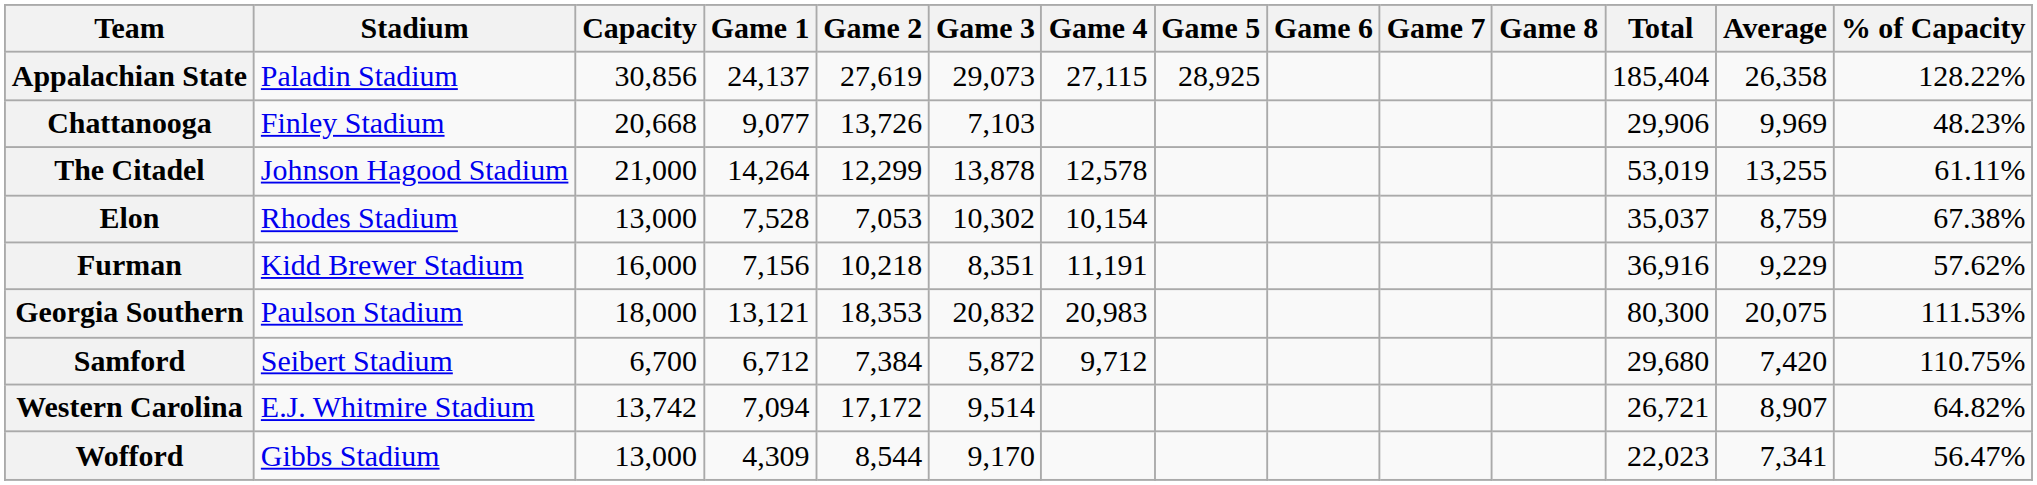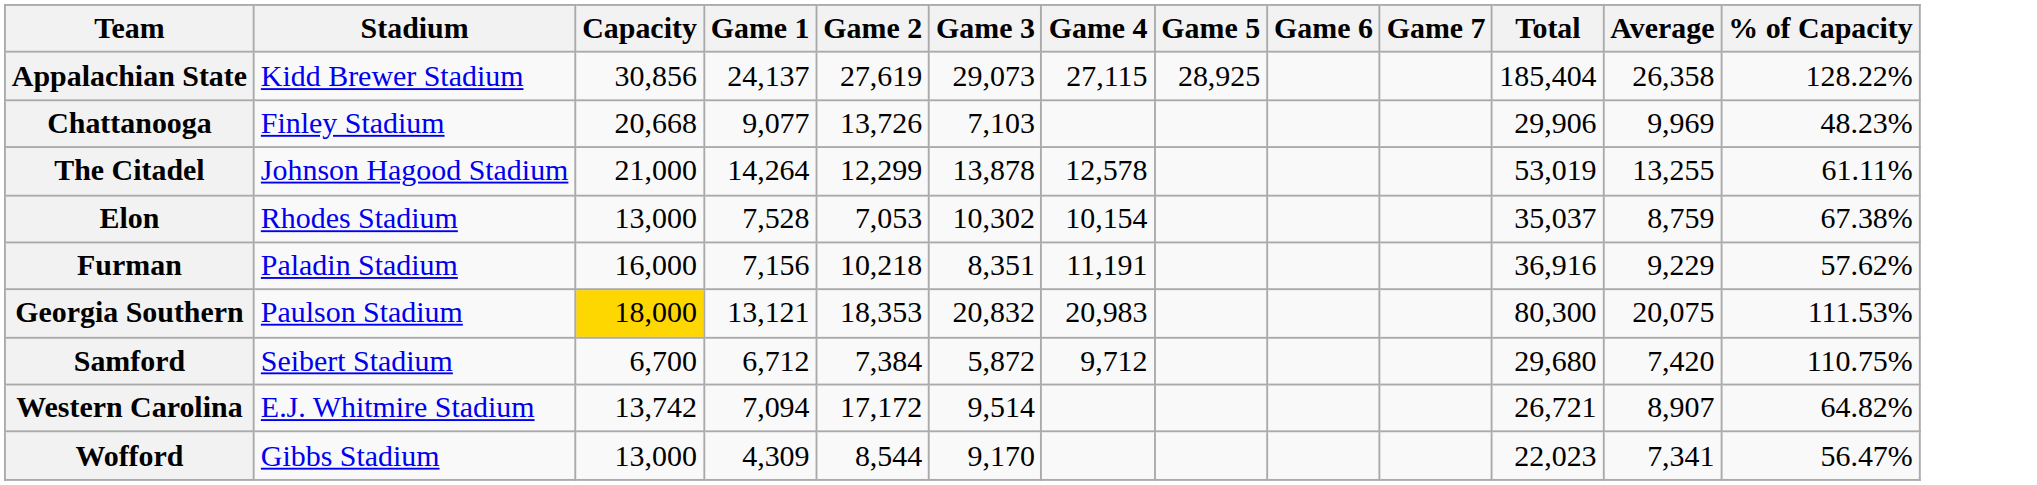 <table class="wikitable sortable">
 <tr>
 <th>Team</th>
 <th>Stadium</th>
 <th>Capacity</th>
 <th>Game 1</th>
 <th>Game 2</th>
 <th>Game 3</th>
 <th>Game 4</th>
 <th>Game 5</th>
 <th>Game 6</th>
 <th>Game 7</th>
-<th>Game 8</th>
 <th>Total</th>
 <th>Average</th>
 <th>% of Capacity</th>
 </tr>
 <tr>
 <th>Appalachian State</th>
-<td><a href='#'>Paladin Stadium</a></td>
+<td><a href='#'>Kidd Brewer Stadium</a></td>
 <td align=right>30,856</td>
 <td align=right>24,137</td>
 <td align=right>27,619</td>
 <td align=right>29,073</td>
 <td align=right>27,115</td>
 <td align=right>28,925</td>
-<td align=center></td>
 <td align=center></td>
 <td align=center></td>
 <td align=right>185,404</td>
 <td align=right>26,358</td>
 <td align=right>128.22%</td>
 </tr>
 <tr>
 <th>Chattanooga</th>
 <td><a href='#'>Finley Stadium</a></td>
 <td align=right>20,668</td>
 <td align=right>9,077</td>
 <td align=right>13,726</td>
 <td align=right>7,103</td>
-<td align=center></td>
 <td align=center></td>
 <td align=center></td>
 <td align=center></td>
 <td align=center></td>
 <td align=right>29,906</td>
 <td align=right>9,969</td>
 <td align=right>48.23%</td>
 </tr>
 <tr>
 <th>The Citadel</th>
 <td><a href='#'>Johnson Hagood Stadium</a></td>
 <td align=right>21,000</td>
 <td align=right>14,264</td>
 <td align=right>12,299</td>
 <td align=right>13,878</td>
 <td align=right>12,578</td>
 <td align=center></td>
 <td align=center></td>
 <td align=center></td>
-<td align=center></td>
 <td align=right>53,019</td>
 <td align=right>13,255</td>
 <td align=right>61.11%</td>
 </tr>
 <tr>
 <th>Elon</th>
 <td><a href='#'>Rhodes Stadium</a></td>
 <td align=right>13,000</td>
 <td align=right>7,528</td>
 <td align=right>7,053</td>
 <td align=right>10,302</td>
 <td align=right>10,154</td>
 <td align=center></td>
 <td align=center></td>
 <td align=center></td>
-<td align=center></td>
 <td align=right>35,037</td>
 <td align=right>8,759</td>
 <td align=right>67.38%</td>
 </tr>
 <tr>
 <th>Furman</th>
-<td><a href='#'>Kidd Brewer Stadium</a></td>
+<td><a href='#'>Paladin Stadium</a></td>
 <td align=right>16,000</td>
 <td align=right>7,156</td>
 <td align=right>10,218</td>
 <td align=right>8,351</td>
 <td align=right>11,191</td>
-<td align=center></td>
 <td align=center></td>
 <td align=center></td>
 <td align=center></td>
 <td align=right>36,916</td>
 <td align=right>9,229</td>
 <td align=right>57.62%</td>
 </tr>
 <tr>
 <th>Georgia Southern</th>
 <td><a href='#'>Paulson Stadium</a></td>
-<td align=right>18,000</td>
+<td align=right style="background: gold;">18,000</td>
 <td align=right>13,121</td>
 <td align=right>18,353</td>
 <td align=right>20,832</td>
 <td align=right>20,983</td>
-<td align=center></td>
 <td align=center></td>
 <td align=center></td>
 <td align=center></td>
 <td align=right>80,300</td>
 <td align=right>20,075</td>
 <td align=right>111.53%</td>
 </tr>
 <tr>
 <th>Samford</th>
 <td><a href='#'>Seibert Stadium</a></td>
 <td align=right>6,700</td>
 <td align=right>6,712</td>
 <td align=right>7,384</td>
 <td align=right>5,872</td>
 <td align=right>9,712</td>
 <td align=center></td>
 <td align=center></td>
 <td align=center></td>
-<td align=center></td>
 <td align=right>29,680</td>
 <td align=right>7,420</td>
 <td align=right>110.75%</td>
 </tr>
 <tr>
 <th>Western Carolina</th>
 <td><a href='#'>E.J. Whitmire Stadium</a></td>
 <td align=right>13,742</td>
 <td align=right>7,094</td>
 <td align=right>17,172</td>
 <td align=right>9,514</td>
-<td align=center></td>
 <td align=center></td>
 <td align=center></td>
 <td align=center></td>
 <td align=center></td>
 <td align=right>26,721</td>
 <td align=right>8,907</td>
 <td align=right>64.82%</td>
 </tr>
 <tr>
 <th>Wofford</th>
 <td><a href='#'>Gibbs Stadium</a></td>
 <td align=right>13,000</td>
 <td align=right>4,309</td>
 <td align=right>8,544</td>
 <td align=right>9,170</td>
 <td align=center></td>
 <td align=center></td>
 <td align=center></td>
 <td align=center></td>
-<td align=center></td>
 <td align=right>22,023</td>
 <td align=right>7,341</td>
 <td align=right>56.47%</td>
 </tr>
 </table>
